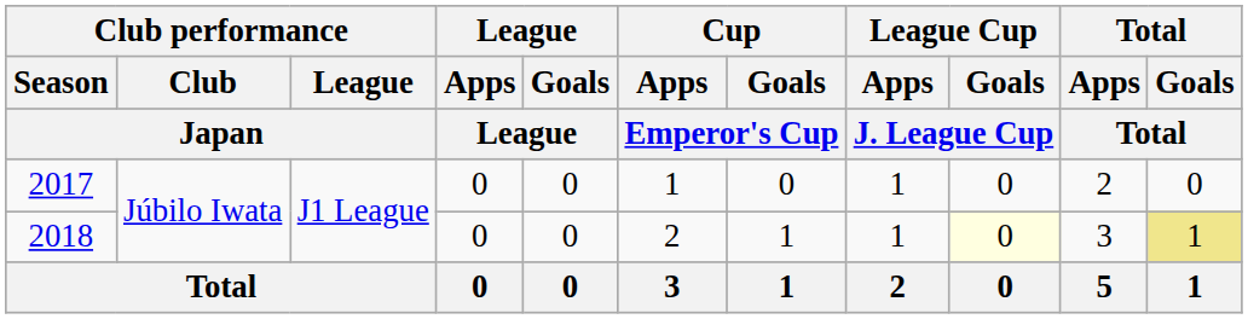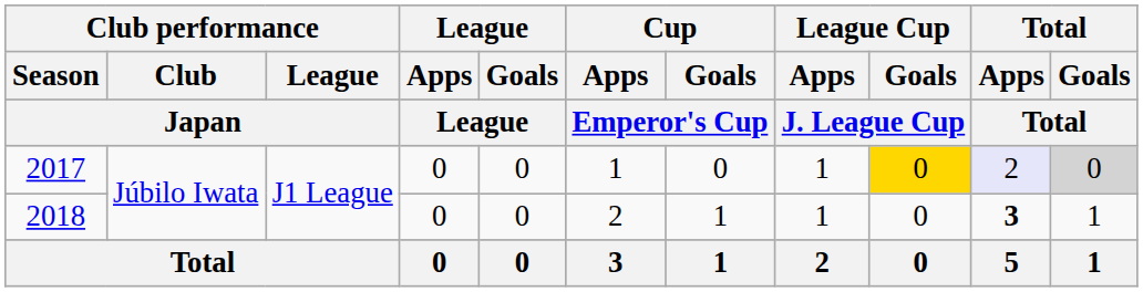 <table class="wikitable" style="text-align:center;">
 <tr>
 <th colspan=3>Club performance</th>
 <th colspan=2>League</th>
 <th colspan=2>Cup</th>
 <th colspan=2>League Cup</th>
 <th colspan=2>Total</th>
 </tr>
 <tr>
 <th>Season</th>
 <th>Club</th>
 <th>League</th>
 <th>Apps</th>
 <th>Goals</th>
 <th>Apps</th>
 <th>Goals</th>
 <th>Apps</th>
 <th>Goals</th>
 <th>Apps</th>
 <th>Goals</th>
 </tr>
 <tr>
 <th colspan=3>Japan</th>
 <th colspan=2>League</th>
 <th colspan=2><a href='#'>Emperor's Cup</a></th>
 <th colspan=2><a href='#'>J. League Cup</a></th>
 <th colspan=2>Total</th>
 </tr>
 <tr>
 <td><a href='#'>2017</a></td>
 <td rowspan="2"><a href='#'>Júbilo Iwata</a></td>
 <td rowspan="2"><a href='#'>J1 League</a></td>
 <td>0</td>
 <td>0</td>
 <td>1</td>
 <td>0</td>
 <td>1</td>
-<td>0</td>
-<td>2</td>
-<td>0</td>
+<td style="background: gold;">0</td>
+<td style="background: lavender;">2</td>
+<td style="background: lightgrey;">0</td>
 </tr>
 <tr>
 <td><a href='#'>2018</a></td>
 <td>0</td>
 <td>0</td>
 <td>2</td>
 <td>1</td>
 <td>1</td>
-<td style="background: lightyellow;">0</td>
-<td>3</td>
-<td style="background: khaki;">1</td>
+<td>0</td>
+<td><strong>3</strong></td>
+<td>1</td>
 </tr>
 <tr>
 <th colspan=3>Total</th>
 <th>0</th>
 <th>0</th>
 <th>3</th>
 <th>1</th>
 <th>2</th>
 <th>0</th>
 <th>5</th>
 <th>1</th>
 </tr>
 </table>
